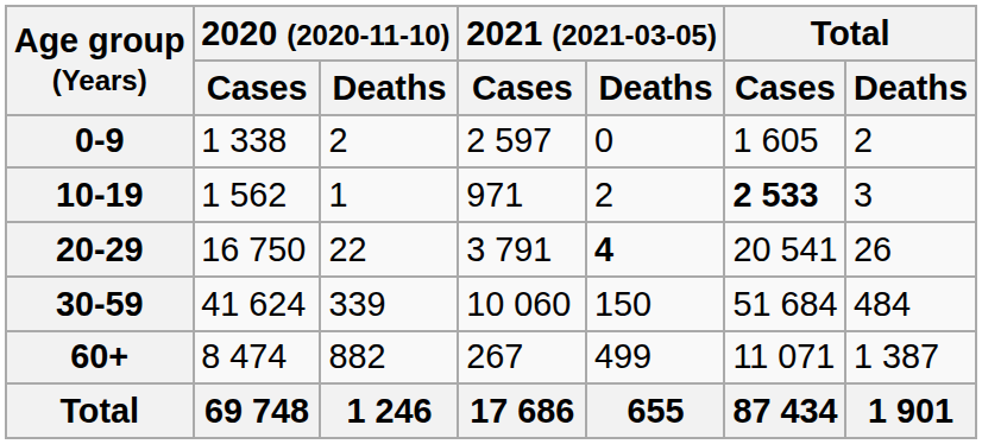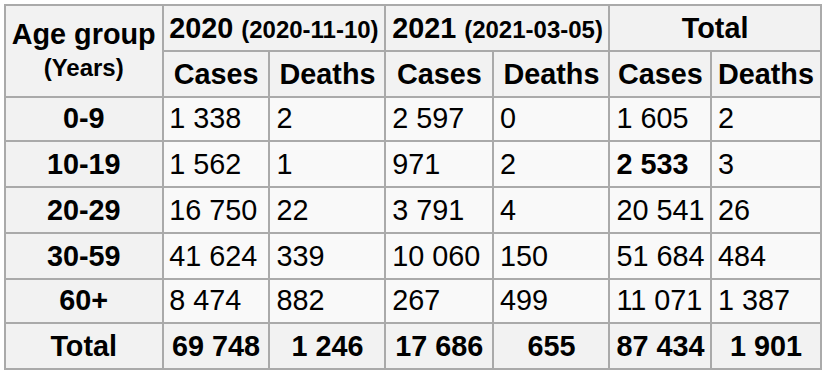 <table class="wikitable sortable" style="text-align:left; font-size:90%">
 <tr>
 <th rowspan="2">Age group<br><small>(Years)</small></th>
 <th colspan="2">2020 <small>(2020-11-10)</small></th>
 <th colspan="2">2021 <small>(2021-03-05)</small></th>
 <th colspan="2">Total</th>
 </tr>
 <tr>
 <th>Cases</th>
 <th>Deaths</th>
 <th>Cases</th>
 <th>Deaths</th>
 <th>Cases</th>
 <th>Deaths</th>
 </tr>
 <tr>
 <th>0-9</th>
 <td>1 338</td>
 <td>2</td>
 <td>2 597</td>
 <td>0</td>
 <td>1 605</td>
 <td>2</td>
 </tr>
 <tr>
 <th>10-19</th>
 <td>1 562</td>
 <td>1</td>
 <td>971</td>
 <td>2</td>
 <td><strong>2 533</strong></td>
 <td>3</td>
 </tr>
 <tr>
 <th>20-29</th>
 <td>16 750</td>
 <td>22</td>
 <td>3 791</td>
-<td><strong>4</strong></td>
+<td>4</td>
 <td>20 541</td>
 <td>26</td>
 </tr>
 <tr>
 <th>30-59</th>
 <td>41 624</td>
 <td>339</td>
 <td>10 060</td>
 <td>150</td>
 <td>51 684</td>
 <td>484</td>
 </tr>
 <tr>
 <th>60+</th>
 <td>8 474</td>
 <td>882</td>
 <td>267</td>
 <td>499</td>
 <td>11 071</td>
 <td>1 387</td>
 </tr>
 <tr>
 <th>Total</th>
 <th>69 748</th>
 <th>1 246</th>
 <th>17 686</th>
 <th>655</th>
 <th>87 434</th>
 <th>1 901</th>
 </tr>
 </table>
